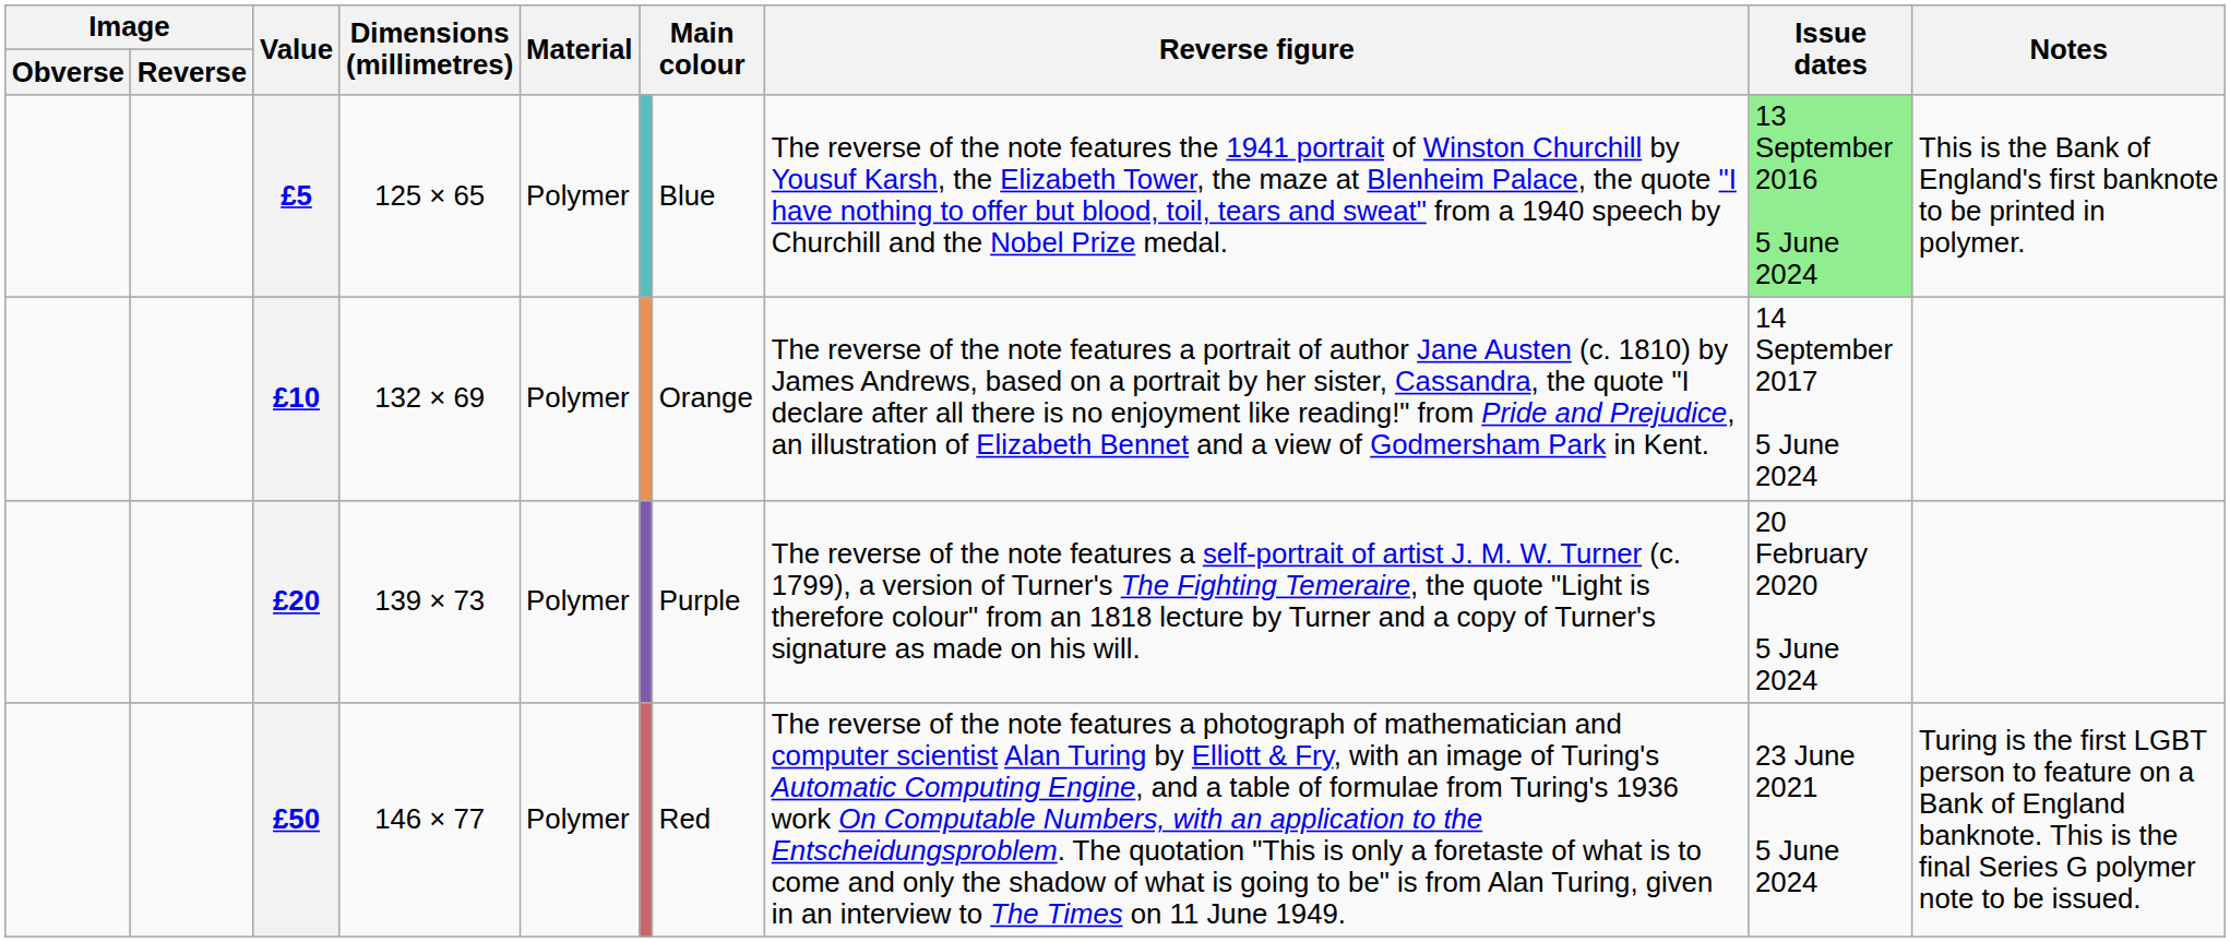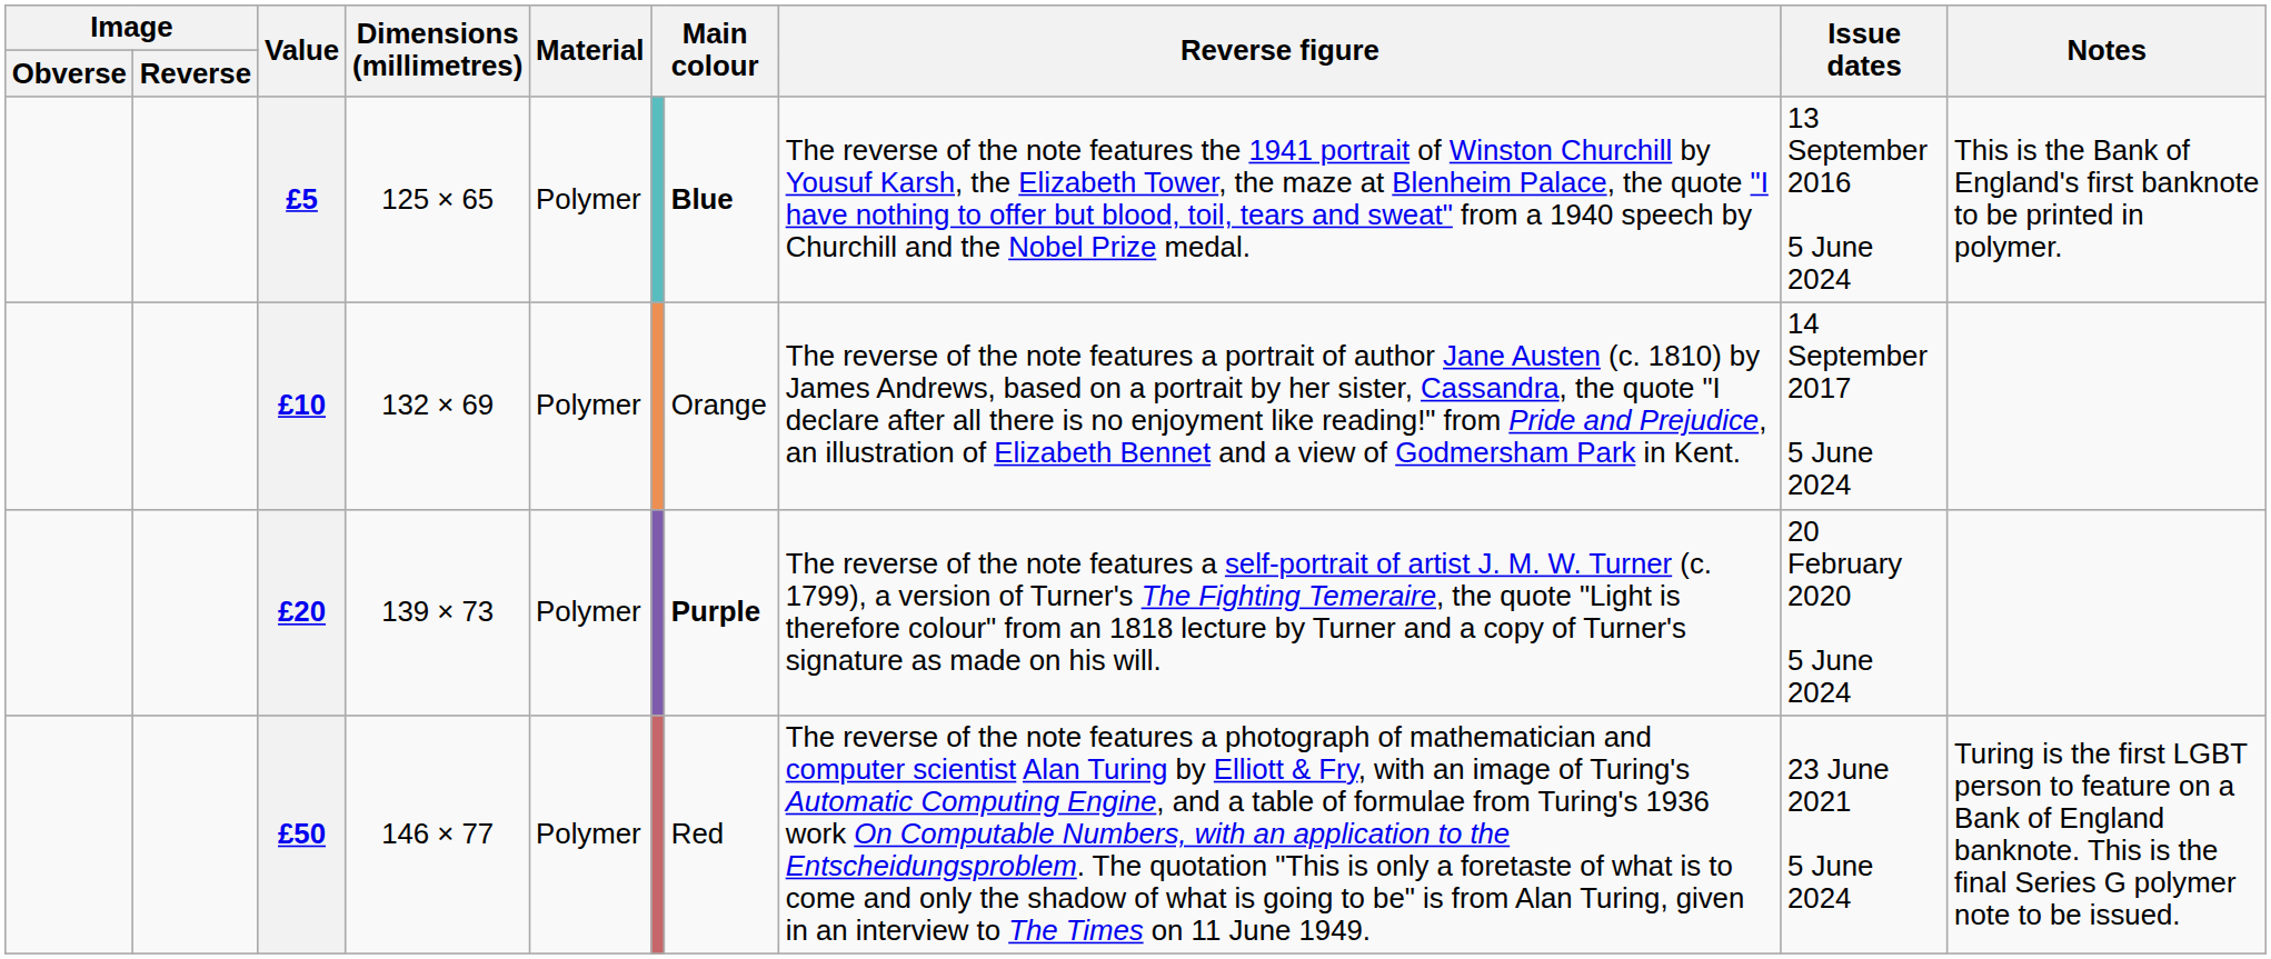 <table class="wikitable" style="margin:auto;">
 <tr>
 <th colspan="2">Image</th>
 <th rowspan="2">Value</th>
 <th rowspan="2">Dimensions<br>(millimetres)</th>
 <th rowspan="2">Material</th>
 <th colspan="2" rowspan="2">Main colour</th>
 <th rowspan="2">Reverse figure</th>
 <th rowspan="2">Issue dates</th>
 <th rowspan="2">Notes</th>
 </tr>
 <tr The age of iron and glass>
 <th>Obverse</th>
 <th>Reverse</th>
 </tr>
 <tr>
 <td style="text-align:center;"><br></td>
 <td style="text-align:center;"><br></td>
 <th><a href='#'>£5</a></th>
 <td style="text-align:center;">125 × 65</td>
 <td>Polymer</td>
 <td style="text-align:center; background:#57bdbf;"></td>
-<td>Blue</td>
+<td><strong>Blue</strong></td>
 <td>The reverse of the note features the <a href='#'>1941 portrait</a> of <a href='#'>Winston Churchill</a> by <a href='#'>Yousuf Karsh</a>, the <a href='#'>Elizabeth Tower</a>,  the maze at <a href='#'>Blenheim Palace</a>, the quote <a href='#'>"I have nothing to offer but blood, toil, tears and sweat"</a> from a 1940 speech by Churchill and the <a href='#'>Nobel Prize</a> medal.</td>
-<td style="background: lightgreen;">13 September 2016<br><br>5 June 2024</td>
+<td>13 September 2016<br><br>5 June 2024</td>
 <td>This is the Bank of England's first banknote to be printed in polymer.</td>
 </tr>
 <tr>
 <td style="text-align:center;"><br></td>
 <td style="text-align:center;"><br></td>
 <th><a href='#'>£10</a></th>
 <td style="text-align:center;">132 × 69</td>
 <td>Polymer</td>
 <td style="text-align:center; background:#ed8f52;"></td>
 <td>Orange</td>
 <td>The reverse of the note features a portrait of author <a href='#'>Jane Austen</a> (c. 1810) by James Andrews, based on a portrait by her sister, <a href='#'>Cassandra</a>, the quote "I declare after all there is no enjoyment like reading!" from <em><a href='#'>Pride and Prejudice</a></em>, an illustration of <a href='#'>Elizabeth Bennet</a> and a view of <a href='#'>Godmersham Park</a> in Kent.</td>
 <td>14 September 2017<br><br>5 June 2024</td>
 </tr>
 <tr>
 <td style="text-align:center;"><br></td>
 <td style="text-align:center;"><br></td>
 <th><a href='#'>£20</a></th>
 <td style="text-align:center;">139 × 73</td>
 <td>Polymer</td>
 <td style="text-align:center; background: #7e5bad;"></td>
-<td>Purple</td>
+<td><strong>Purple</strong></td>
 <td>The reverse of the note features a <a href='#'>self-portrait of artist J. M. W. Turner</a> (c. 1799), a version of Turner's <em><a href='#'>The Fighting Temeraire</a></em>, the quote "Light is therefore colour" from an 1818 lecture by Turner and a copy of Turner's signature as made on his will.</td>
 <td>20 February 2020<br><br>5 June 2024</td>
 <td></td>
 </tr>
 <tr>
 <td style="text-align:center;"><br></td>
 <td style="text-align:center;"><br></td>
 <th><a href='#'>£50</a></th>
 <td style="text-align:center;">146 × 77</td>
 <td>Polymer</td>
 <td style="text-align:center; background:#c6666a;"></td>
 <td>Red</td>
 <td>The reverse of the note features a photograph of mathematician and <a href='#'>computer scientist</a> <a href='#'>Alan Turing</a> by  <a href='#'>Elliott & Fry</a>, with an image of Turing's <em><a href='#'>Automatic Computing Engine</a></em>, and a table of formulae from Turing's 1936 work <a href='#'><em>On Computable Numbers, with an application to the Entscheidungsproblem</em></a>. The quotation "This is only a foretaste of what is to come and only the shadow of what is going to be" is from Alan Turing, given in an interview to <em><a href='#'>The Times</a></em> on 11 June 1949.</td>
 <td>23 June 2021<br><br>5 June 2024</td>
 <td>Turing is the first LGBT person to feature on a Bank of England banknote. This is the final Series G polymer note to be issued.</td>
 </tr>
 </table>
